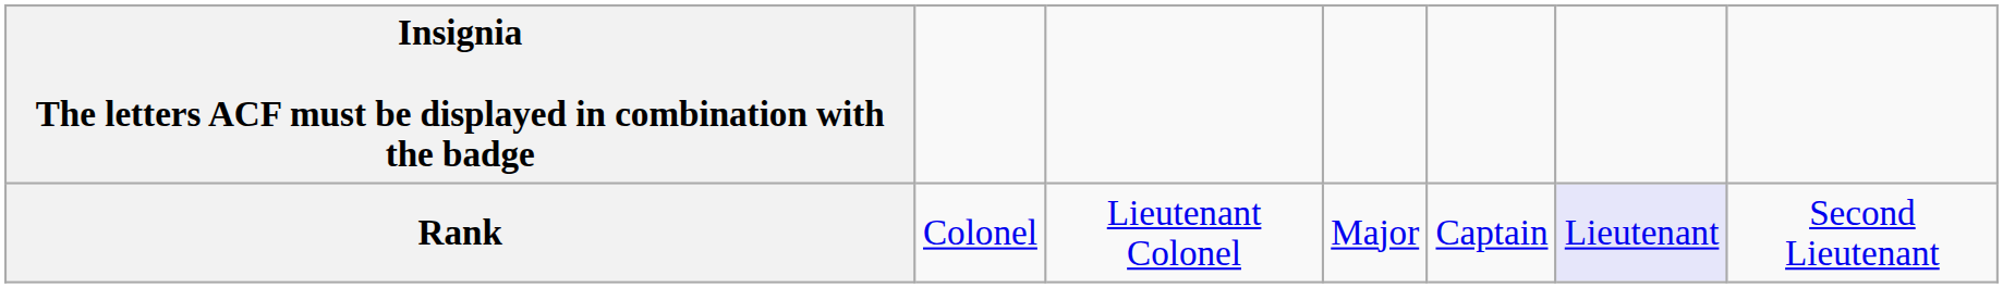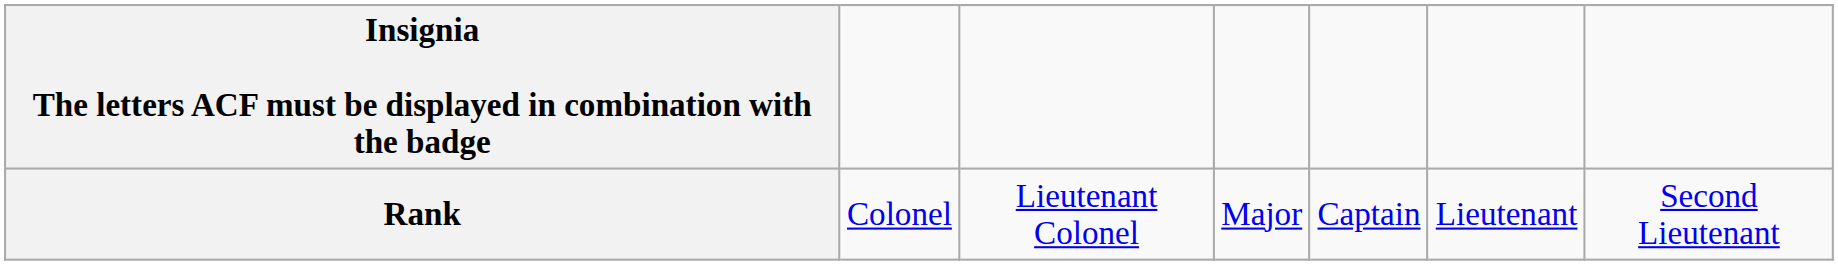 <table class="wikitable" style="margin:1em auto;">
 <tr align="center">
 <th>Insignia<br><br>The letters ACF must be displayed in combination with the badge</th>
 <td></td>
 <td></td>
 <td></td>
 <td></td>
 <td></td>
 <td></td>
 </tr>
 <tr align="center">
 <th>Rank</th>
 <td><a href='#'>Colonel</a></td>
 <td><a href='#'>Lieutenant Colonel</a></td>
 <td><a href='#'>Major</a></td>
 <td><a href='#'>Captain</a></td>
-<td style="background: lavender;"><a href='#'>Lieutenant</a></td>
+<td><a href='#'>Lieutenant</a></td>
 <td><a href='#'>Second Lieutenant</a></td>
 </tr>
 </table>
